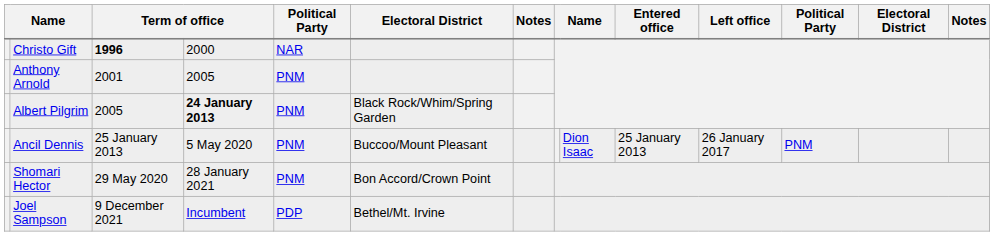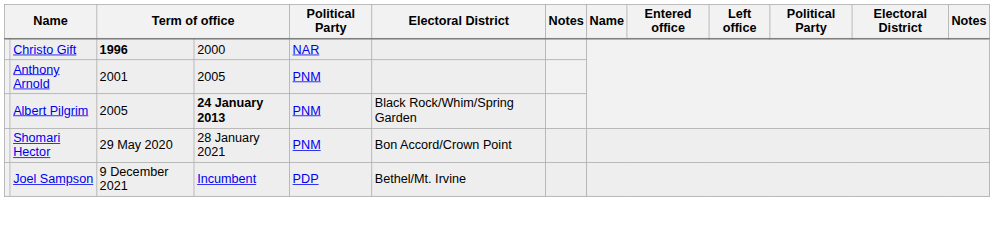 <table class="wikitable">
 <tr style="border-bottom: 2px solid gray;">
 <th colspan="2">Name</th>
 <th colspan="2">Term of office</th>
 <th>Political Party</th>
 <th>Electoral District</th>
 <th>Notes</th>
 <th colspan="2">Name</th>
 <th>Entered office</th>
 <th>Left office</th>
 <th>Political Party</th>
 <th>Electoral District</th>
 <th>Notes</th>
 </tr>
 <tr style="background:#EEEEEE;">
 <th style="background:"></th>
 <td><a href='#'>Christo Gift</a></td>
 <td><strong>1996</strong></td>
 <td>2000</td>
 <td><a href='#'>NAR</a></td>
 <td></td>
 <th></th>
 <th colspan="7" rowspan="3"></th>
 </tr>
 <tr style="background:#EEEEEE;">
 <th style="background:"></th>
 <td><a href='#'>Anthony Arnold</a></td>
 <td>2001</td>
 <td>2005</td>
 <td><a href='#'>PNM</a></td>
 <td></td>
 <th></th>
 </tr>
 <tr style="background:#EEEEEE;">
 <th style="background:"></th>
 <td><a href='#'>Albert Pilgrim</a></td>
 <td>2005</td>
 <td><strong>24 January 2013</strong></td>
 <td><a href='#'>PNM</a></td>
 <td>Black Rock/Whim/Spring Garden</td>
 <th></th>
 </tr>
 <tr style="background:#EEEEEE;">
 <th style="background:"></th>
-<td><a href='#'>Ancil Dennis</a></td>
-<td>25 January 2013</td>
-<td>5 May 2020</td>
-<td><a href='#'>PNM</a></td>
-<td>Buccoo/Mount Pleasant</td>
-<td></td>
-<th style="background:"></th>
-<td><a href='#'>Dion Isaac</a></td>
-<td>25 January 2013</td>
-<td>26 January 2017</td>
-<td><a href='#'>PNM</a></td>
-<td></td>
-<td></td>
-</tr>
-<tr style="background:#EEEEEE;">
-<th style="background:"></th>
 <td><a href='#'>Shomari Hector</a></td>
 <td>29 May 2020</td>
 <td>28 January 2021</td>
 <td><a href='#'>PNM</a></td>
 <td>Bon Accord/Crown Point</td>
 <td></td>
 <td colspan="7"></td>
 </tr>
 <tr style="background:#EEEEEE;">
 <th style="background:"></th>
 <td><a href='#'>Joel Sampson</a></td>
 <td>9 December  2021</td>
 <td><a href='#'>Incumbent</a></td>
 <td><a href='#'>PDP</a></td>
 <td>Bethel/Mt. Irvine</td>
 <td></td>
 <td colspan="7"></td>
 </tr>
 </table>
